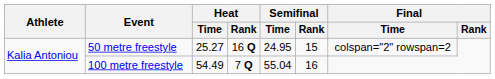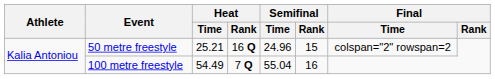 <table class="wikitable" style="text-align:center; font-size:90%; width:50%;">
 <tr>
 <th rowspan="2">Athlete</th>
 <th rowspan="2">Event</th>
 <th colspan="2">Heat</th>
 <th colspan="2">Semifinal</th>
 <th colspan="2">Final</th>
 </tr>
 <tr style="font-size:95%">
 <th>Time</th>
 <th>Rank</th>
 <th>Time</th>
 <th>Rank</th>
 <th>Time</th>
 <th>Rank</th>
 </tr>
 <tr>
 <td align=left rowspan=2><a href='#'>Kalia Antoniou</a></td>
 <td align=left><a href='#'>50 metre freestyle</a></td>
-<td>25.27</td>
+<td>25.21</td>
 <td>16 <strong>Q</strong></td>
-<td>24.95</td>
+<td>24.96</td>
 <td>15</td>
 <td>colspan="2" rowspan=2 </td>
 </tr>
 <tr>
 <td align=left><a href='#'>100 metre freestyle</a></td>
 <td>54.49</td>
 <td>7 <strong>Q</strong></td>
 <td>55.04</td>
 <td>16</td>
 </tr>
 </table>
